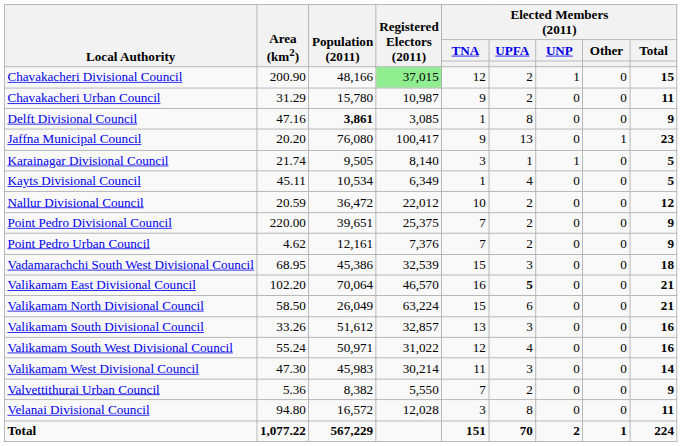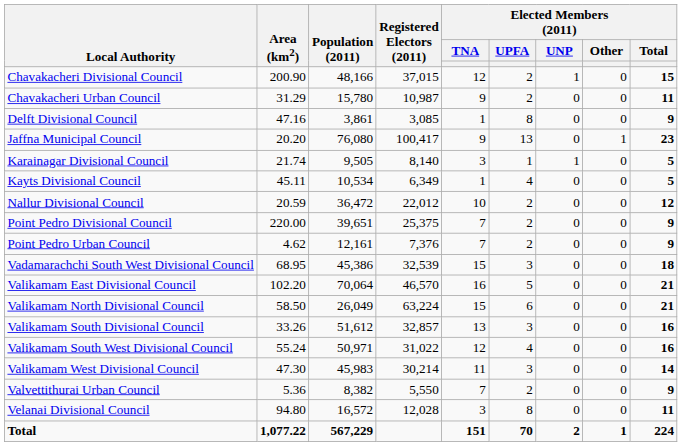 <table class="wikitable" style="text-align:right;">
 <tr>
 <th style="vertical-align:bottom;" rowspan=3>Local Authority</th>
 <th style="vertical-align:bottom;" rowspan=3>Area<br>(km<sup>2</sup>)<br></th>
 <th style="vertical-align:bottom;" rowspan=3>Population<br>(2011)<br></th>
 <th style="vertical-align:bottom;" rowspan=3>Registered<br>Electors<br>(2011)</th>
 <th colspan=5>Elected Members<br>(2011)</th>
 </tr>
 <tr>
 <th style="width:50px;"><a href='#'>TNA</a></th>
 <th style="width:50px;"><a href='#'>UPFA</a></th>
 <th style="width:50px;"><a href='#'>UNP</a></th>
 <th style="width:50px;">Other</th>
 <th style="width:50px;">Total</th>
 </tr>
 <tr>
 <th style="background:"></th>
 <th style="background:"></th>
 <th style="background:"></th>
 <th></th>
 <th></th>
 </tr>
 <tr>
 <td align=left><a href='#'>Chavakacheri Divisional Council</a></td>
 <td>200.90</td>
 <td>48,166</td>
-<td style="background: lightgreen;">37,015</td>
+<td>37,015</td>
 <td>12</td>
 <td>2</td>
 <td>1</td>
 <td>0</td>
 <td><strong>15</strong></td>
 </tr>
 <tr>
 <td align=left><a href='#'>Chavakacheri Urban Council</a></td>
 <td>31.29</td>
 <td>15,780</td>
 <td>10,987</td>
 <td>9</td>
 <td>2</td>
 <td>0</td>
 <td>0</td>
 <td><strong>11</strong></td>
 </tr>
 <tr>
 <td align=left><a href='#'>Delft Divisional Council</a></td>
 <td>47.16</td>
-<td><strong>3,861</strong></td>
+<td>3,861</td>
 <td>3,085</td>
 <td>1</td>
 <td>8</td>
 <td>0</td>
 <td>0</td>
 <td><strong>9</strong></td>
 </tr>
 <tr>
 <td align=left><a href='#'>Jaffna Municipal Council</a></td>
 <td>20.20</td>
 <td>76,080</td>
 <td>100,417</td>
 <td>9</td>
 <td>13</td>
 <td>0</td>
 <td>1</td>
 <td><strong>23</strong></td>
 </tr>
 <tr>
 <td align=left><a href='#'>Karainagar Divisional Council</a></td>
 <td>21.74</td>
 <td>9,505</td>
 <td>8,140</td>
 <td>3</td>
 <td>1</td>
 <td>1</td>
 <td>0</td>
 <td><strong>5</strong></td>
 </tr>
 <tr>
 <td align=left><a href='#'>Kayts Divisional Council</a></td>
 <td>45.11</td>
 <td>10,534</td>
 <td>6,349</td>
 <td>1</td>
 <td>4</td>
 <td>0</td>
 <td>0</td>
 <td><strong>5</strong></td>
 </tr>
 <tr>
 <td align=left><a href='#'>Nallur Divisional Council</a></td>
 <td>20.59</td>
 <td>36,472</td>
 <td>22,012</td>
 <td>10</td>
 <td>2</td>
 <td>0</td>
 <td>0</td>
 <td><strong>12</strong></td>
 </tr>
 <tr>
 <td align=left><a href='#'>Point Pedro Divisional Council</a></td>
 <td>220.00</td>
 <td>39,651</td>
 <td>25,375</td>
 <td>7</td>
 <td>2</td>
 <td>0</td>
 <td>0</td>
 <td><strong>9</strong></td>
 </tr>
 <tr>
 <td align=left><a href='#'>Point Pedro Urban Council</a></td>
 <td>4.62</td>
 <td>12,161</td>
 <td>7,376</td>
 <td>7</td>
 <td>2</td>
 <td>0</td>
 <td>0</td>
 <td><strong>9</strong></td>
 </tr>
 <tr>
 <td align=left><a href='#'>Vadamarachchi South West Divisional Council</a></td>
 <td>68.95</td>
 <td>45,386</td>
 <td>32,539</td>
 <td>15</td>
 <td>3</td>
 <td>0</td>
 <td>0</td>
 <td><strong>18</strong></td>
 </tr>
 <tr>
 <td align=left><a href='#'>Valikamam East Divisional Council</a></td>
 <td>102.20</td>
 <td>70,064</td>
 <td>46,570</td>
 <td>16</td>
-<td><strong>5</strong></td>
+<td>5</td>
 <td>0</td>
 <td>0</td>
 <td><strong>21</strong></td>
 </tr>
 <tr>
 <td align=left><a href='#'>Valikamam North Divisional Council</a></td>
 <td>58.50</td>
 <td>26,049</td>
 <td>63,224</td>
 <td>15</td>
 <td>6</td>
 <td>0</td>
 <td>0</td>
 <td><strong>21</strong></td>
 </tr>
 <tr>
 <td align=left><a href='#'>Valikamam South Divisional Council</a></td>
 <td>33.26</td>
 <td>51,612</td>
 <td>32,857</td>
 <td>13</td>
 <td>3</td>
 <td>0</td>
 <td>0</td>
 <td><strong>16</strong></td>
 </tr>
 <tr>
 <td align=left><a href='#'>Valikamam South West Divisional Council</a></td>
 <td>55.24</td>
 <td>50,971</td>
 <td>31,022</td>
 <td>12</td>
 <td>4</td>
 <td>0</td>
 <td>0</td>
 <td><strong>16</strong></td>
 </tr>
 <tr>
 <td align=left><a href='#'>Valikamam West Divisional Council</a></td>
 <td>47.30</td>
 <td>45,983</td>
 <td>30,214</td>
 <td>11</td>
 <td>3</td>
 <td>0</td>
 <td>0</td>
 <td><strong>14</strong></td>
 </tr>
 <tr>
 <td align=left><a href='#'>Valvettithurai Urban Council</a></td>
 <td>5.36</td>
 <td>8,382</td>
 <td>5,550</td>
 <td>7</td>
 <td>2</td>
 <td>0</td>
 <td>0</td>
 <td><strong>9</strong></td>
 </tr>
 <tr>
 <td align=left><a href='#'>Velanai Divisional Council</a></td>
 <td>94.80</td>
 <td>16,572</td>
 <td>12,028</td>
 <td>3</td>
 <td>8</td>
 <td>0</td>
 <td>0</td>
 <td><strong>11</strong></td>
 </tr>
 <tr style="font-weight:bold">
 <td align=left>Total</td>
 <td>1,077.22</td>
 <td>567,229</td>
 <td></td>
 <td>151</td>
 <td>70</td>
 <td>2</td>
 <td>1</td>
 <td>224</td>
 </tr>
 </table>
